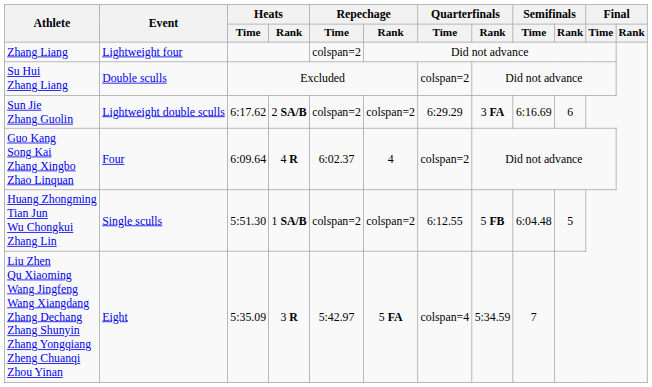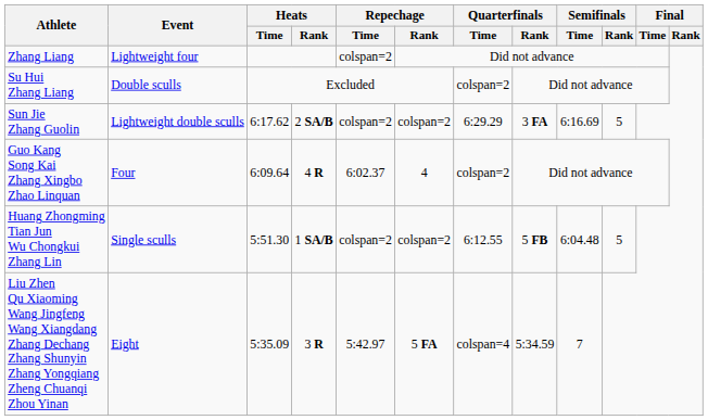 <table class="wikitable" style="font-size:90%">
 <tr>
 <th rowspan="2">Athlete</th>
 <th rowspan="2">Event</th>
 <th colspan="2">Heats</th>
 <th colspan="2">Repechage</th>
 <th colspan="2">Quarterfinals</th>
 <th colspan="2">Semifinals</th>
 <th colspan="2">Final</th>
 </tr>
 <tr style="font-size:95%">
 <th>Time</th>
 <th>Rank</th>
 <th>Time</th>
 <th>Rank</th>
 <th>Time</th>
 <th>Rank</th>
 <th>Time</th>
 <th>Rank</th>
 <th>Time</th>
 <th>Rank</th>
 </tr>
 <tr align=center>
 <td align=left><a href='#'>Zhang Liang</a></td>
 <td align=left><a href='#'>Lightweight four</a></td>
 <td colspan=2></td>
 <td>colspan=2 </td>
 <td colspan=6>Did not advance</td>
 </tr>
 <tr align=center>
 <td align=left><a href='#'>Su Hui</a><br><a href='#'>Zhang Liang</a></td>
 <td align=left><a href='#'>Double sculls</a></td>
 <td colspan=4>Excluded</td>
 <td>colspan=2 </td>
 <td colspan=4>Did not advance</td>
 </tr>
 <tr align=center>
 <td align=left><a href='#'>Sun Jie</a><br><a href='#'>Zhang Guolin</a></td>
 <td align=left><a href='#'>Lightweight double sculls</a></td>
 <td>6:17.62</td>
 <td>2 <strong>SA/B</strong></td>
 <td>colspan=2 </td>
 <td>colspan=2 </td>
 <td>6:29.29</td>
 <td>3 <strong>FA</strong></td>
 <td>6:16.69</td>
-<td>6</td>
+<td>5</td>
 </tr>
 <tr align=center>
 <td align=left><a href='#'>Guo Kang</a><br><a href='#'>Song Kai</a><br><a href='#'>Zhang Xingbo</a><br><a href='#'>Zhao Linquan</a></td>
 <td align=left><a href='#'>Four</a></td>
 <td>6:09.64</td>
 <td>4 <strong>R</strong></td>
 <td>6:02.37</td>
 <td>4</td>
 <td>colspan=2 </td>
 <td colspan=4>Did not advance</td>
 </tr>
 <tr align=center>
 <td align=left><a href='#'>Huang Zhongming</a><br><a href='#'>Tian Jun</a><br><a href='#'>Wu Chongkui</a><br><a href='#'>Zhang Lin</a></td>
 <td align=left><a href='#'>Single sculls</a></td>
 <td>5:51.30</td>
 <td>1 <strong>SA/B</strong></td>
 <td>colspan=2 </td>
 <td>colspan=2 </td>
 <td>6:12.55</td>
 <td>5 <strong>FB</strong></td>
 <td>6:04.48</td>
 <td>5</td>
 </tr>
 <tr align=center>
 <td align=left><a href='#'>Liu Zhen</a><br><a href='#'>Qu Xiaoming</a><br><a href='#'>Wang Jingfeng</a><br><a href='#'>Wang Xiangdang</a><br><a href='#'>Zhang Dechang</a><br><a href='#'>Zhang Shunyin</a><br><a href='#'>Zhang Yongqiang</a><br><a href='#'>Zheng Chuanqi</a><br><a href='#'>Zhou Yinan</a></td>
 <td align=left><a href='#'>Eight</a></td>
 <td>5:35.09</td>
 <td>3 <strong>R</strong></td>
 <td>5:42.97</td>
 <td>5 <strong>FA</strong></td>
 <td>colspan=4 </td>
 <td>5:34.59</td>
 <td>7</td>
 </tr>
 </table>
